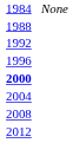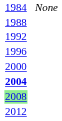 <table>
 <tr>
 <td><a href='#'>1984</a></td>
 <td></td>
 <td></td>
 <td><em>None</em></td>
 </tr>
 <tr>
 <td><a href='#'>1988</a></td>
 <td></td>
 <td></td>
 <td></td>
 </tr>
 <tr>
 <td><a href='#'>1992</a></td>
 <td></td>
 <td></td>
 <td></td>
 </tr>
 <tr>
 <td><a href='#'>1996</a></td>
 <td></td>
 <td></td>
 <td></td>
 </tr>
 <tr>
-<td><strong><a href='#'>2000</a></strong></td>
+<td><a href='#'>2000</a></td>
 <td></td>
 <td></td>
 <td></td>
 </tr>
 <tr>
-<td><a href='#'>2004</a></td>
+<td><strong><a href='#'>2004</a></strong></td>
 <td></td>
 <td></td>
 <td></td>
 </tr>
 <tr>
-<td><a href='#'>2008</a></td>
+<td style="background: lightgreen;"><a href='#'>2008</a></td>
 <td></td>
 <td></td>
 <td></td>
 </tr>
 <tr>
 <td><a href='#'>2012</a></td>
 <td></td>
 <td></td>
 <td></td>
 </tr>
 </table>
